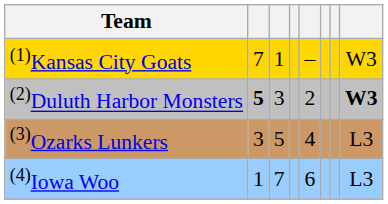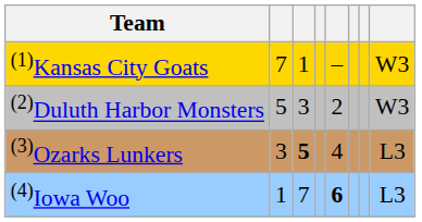 <table class="wikitable" style="text-align:center">
 <tr>
 <th>Team</th>
 <th></th>
 <th></th>
 <th></th>
 <th></th>
 <th></th>
 <th></th>
 <th></th>
 </tr>
 <tr style="background:gold">
 <td style="text-align:left;"><sup>(1)</sup><a href='#'>Kansas City Goats</a></td>
 <td>7</td>
 <td>1</td>
 <td></td>
 <td>–</td>
 <td></td>
 <td></td>
 <td>W3</td>
 </tr>
 <tr style="background:#C0C0C0">
 <td style="text-align:left;"><sup>(2)</sup><a href='#'>Duluth Harbor Monsters</a></td>
-<td><strong>5</strong></td>
+<td>5</td>
 <td>3</td>
 <td></td>
 <td>2</td>
 <td></td>
 <td></td>
-<td><strong>W3</strong></td>
+<td>W3</td>
 </tr>
 <tr style="background:#cc9966">
 <td style="text-align:left;"><sup>(3)</sup><a href='#'>Ozarks Lunkers</a></td>
 <td>3</td>
-<td>5</td>
+<td><strong>5</strong></td>
 <td></td>
 <td>4</td>
 <td></td>
 <td></td>
 <td>L3</td>
 </tr>
 <tr style="background:#9acdff">
 <td style="text-align:left;"><sup>(4)</sup><a href='#'>Iowa Woo</a></td>
 <td>1</td>
 <td>7</td>
 <td></td>
-<td>6</td>
+<td><strong>6</strong></td>
 <td></td>
 <td></td>
 <td>L3</td>
 </tr>
 </table>
